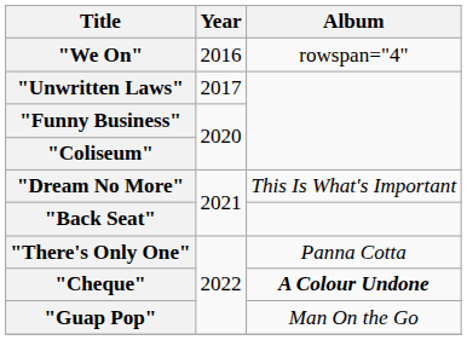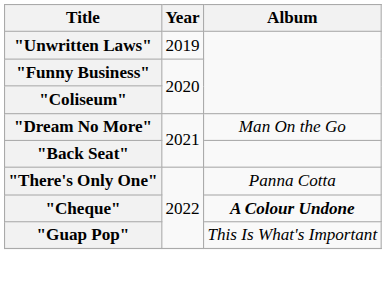 <table class="wikitable plainrowheaders" style="text-align:center;">
 <tr>
 <th>Title</th>
 <th>Year</th>
 <th>Album</th>
 </tr>
 <tr>
-<th scope="row">"We On"<br> </th>
-<td>2016</td>
-<td>rowspan="4" </td>
-</tr>
-<tr>
 <th scope="row">"Unwritten Laws"<br> </th>
-<td>2017</td>
+<td>2019</td>
 </tr>
 <tr>
 <th scope="row">"Funny Business"<br> </th>
 <td rowspan="2">2020</td>
 </tr>
 <tr>
 <th scope="row">"Coliseum"<br></th>
 </tr>
 <tr>
 <th scope="row">"Dream No More"<br></th>
 <td rowspan="2">2021</td>
-<td><em>This Is What's Important</em></td>
+<td><em>Man On the Go</em></td>
 </tr>
 <tr>
 <th scope="row">"Back Seat"<br></th>
 <td></td>
 </tr>
 <tr>
 <th scope="row">"There's Only One"<br></th>
 <td rowspan="3">2022</td>
 <td><em>Panna Cotta</em></td>
 </tr>
 <tr>
 <th scope="row">"Cheque"<br></th>
 <td><strong><em>A Colour Undone</em></strong></td>
 </tr>
 <tr>
 <th scope="row">"Guap Pop"<br></th>
-<td><em>Man On the Go</em></td>
+<td><em>This Is What's Important</em></td>
 </tr>
 <tr>
 </tr>
 </table>
